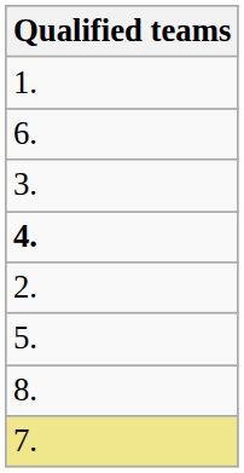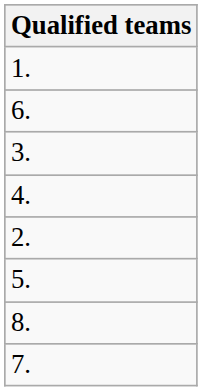 <table class="wikitable">
 <tr>
 <th>Qualified teams</th>
 </tr>
 <tr>
 <td>1. </td>
 </tr>
 <tr>
 <td>6. </td>
 </tr>
 <tr>
 <td>3. </td>
 </tr>
 <tr>
-<td><strong>4. </strong></td>
+<td>4. </td>
 </tr>
 <tr>
 <td>2. </td>
 </tr>
 <tr>
 <td>5. </td>
 </tr>
 <tr>
 <td>8. </td>
 </tr>
 <tr>
-<td style="background: khaki;">7. </td>
+<td>7. </td>
 </tr>
 </table>
